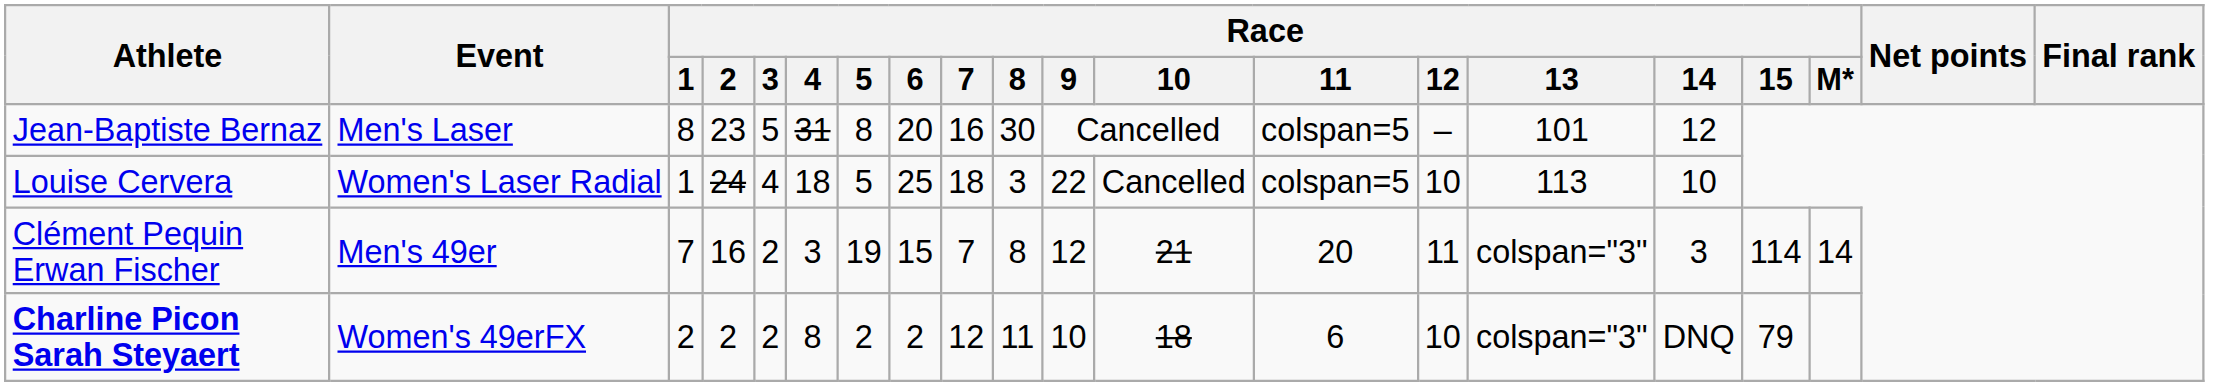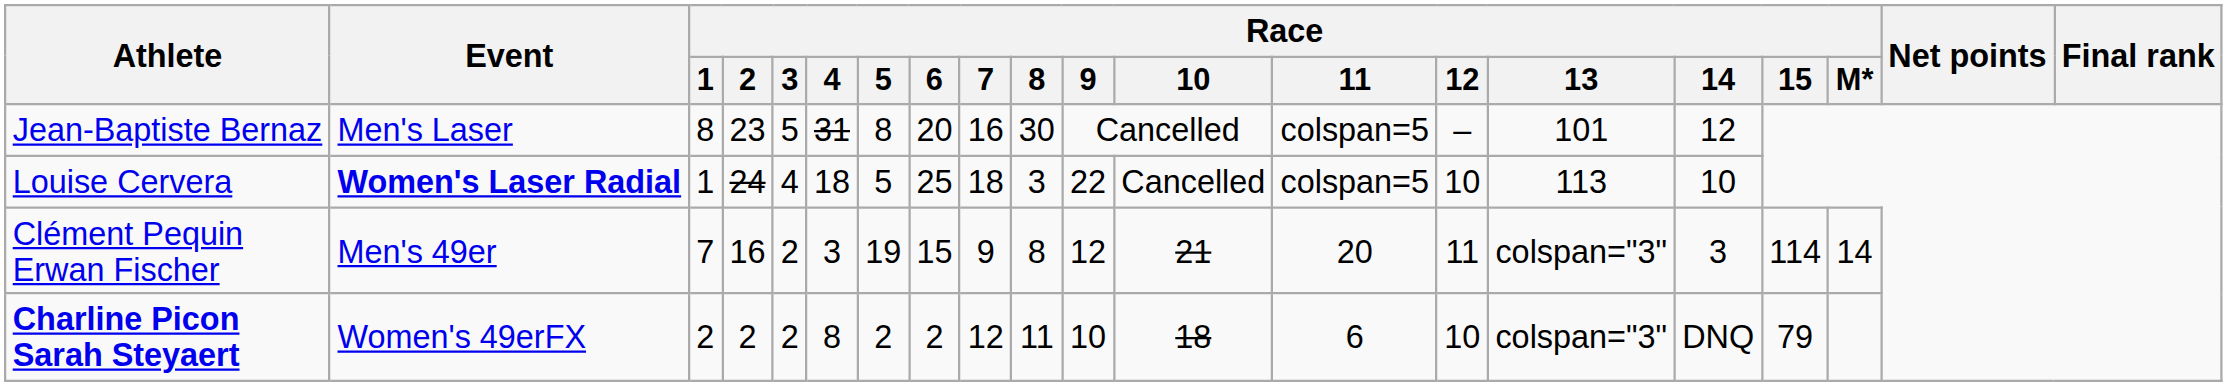 <table class="wikitable" style="font-size:90%">
 <tr>
 <th rowspan="2">Athlete</th>
 <th rowspan="2">Event</th>
 <th colspan=16>Race</th>
 <th rowspan=2>Net points</th>
 <th rowspan=2>Final rank</th>
 </tr>
 <tr style="font-size:95%">
 <th>1</th>
 <th>2</th>
 <th>3</th>
 <th>4</th>
 <th>5</th>
 <th>6</th>
 <th>7</th>
 <th>8</th>
 <th>9</th>
 <th>10</th>
 <th>11</th>
 <th>12</th>
 <th>13</th>
 <th>14</th>
 <th>15</th>
 <th>M*</th>
 </tr>
 <tr align=center>
 <td align=left><a href='#'>Jean-Baptiste Bernaz</a></td>
 <td align=left><a href='#'>Men's Laser</a></td>
 <td>8</td>
 <td>23</td>
 <td>5</td>
 <td><s>31</s></td>
 <td>8</td>
 <td>20</td>
 <td>16</td>
 <td>30</td>
 <td colspan="2">Cancelled</td>
 <td>colspan=5 </td>
 <td>–</td>
 <td>101</td>
 <td>12</td>
 </tr>
 <tr align=center>
 <td align=left><a href='#'>Louise Cervera</a></td>
-<td align=left><a href='#'>Women's Laser Radial</a></td>
+<td align=left><strong><a href='#'>Women's Laser Radial</a></strong></td>
 <td>1</td>
 <td><s>24</s></td>
 <td>4</td>
 <td>18</td>
 <td>5</td>
 <td>25</td>
 <td>18</td>
 <td>3</td>
 <td>22</td>
 <td>Cancelled</td>
 <td>colspan=5 </td>
 <td>10</td>
 <td>113</td>
 <td>10</td>
 </tr>
 <tr align=center>
 <td align=left><a href='#'>Clément Pequin</a><br><a href='#'>Erwan Fischer</a></td>
 <td align=left><a href='#'>Men's 49er</a></td>
 <td>7</td>
 <td>16</td>
 <td>2</td>
 <td>3</td>
 <td>19</td>
 <td>15</td>
-<td>7</td>
+<td>9</td>
 <td>8</td>
 <td>12</td>
 <td><s>21</s><br></td>
 <td>20</td>
 <td>11</td>
 <td>colspan="3" </td>
 <td>3</td>
 <td>114</td>
 <td>14</td>
 </tr>
 <tr align=center>
 <td align=left><strong><a href='#'>Charline Picon</a><br><a href='#'>Sarah Steyaert</a></strong></td>
 <td align=left><a href='#'>Women's 49erFX</a></td>
 <td>2</td>
 <td>2</td>
 <td>2</td>
 <td>8</td>
 <td>2</td>
 <td>2</td>
 <td>12</td>
 <td>11</td>
 <td>10</td>
 <td><s>18</s></td>
 <td>6</td>
 <td>10</td>
 <td>colspan="3" </td>
 <td>DNQ</td>
 <td>79</td>
 <td></td>
 </tr>
 </table>
